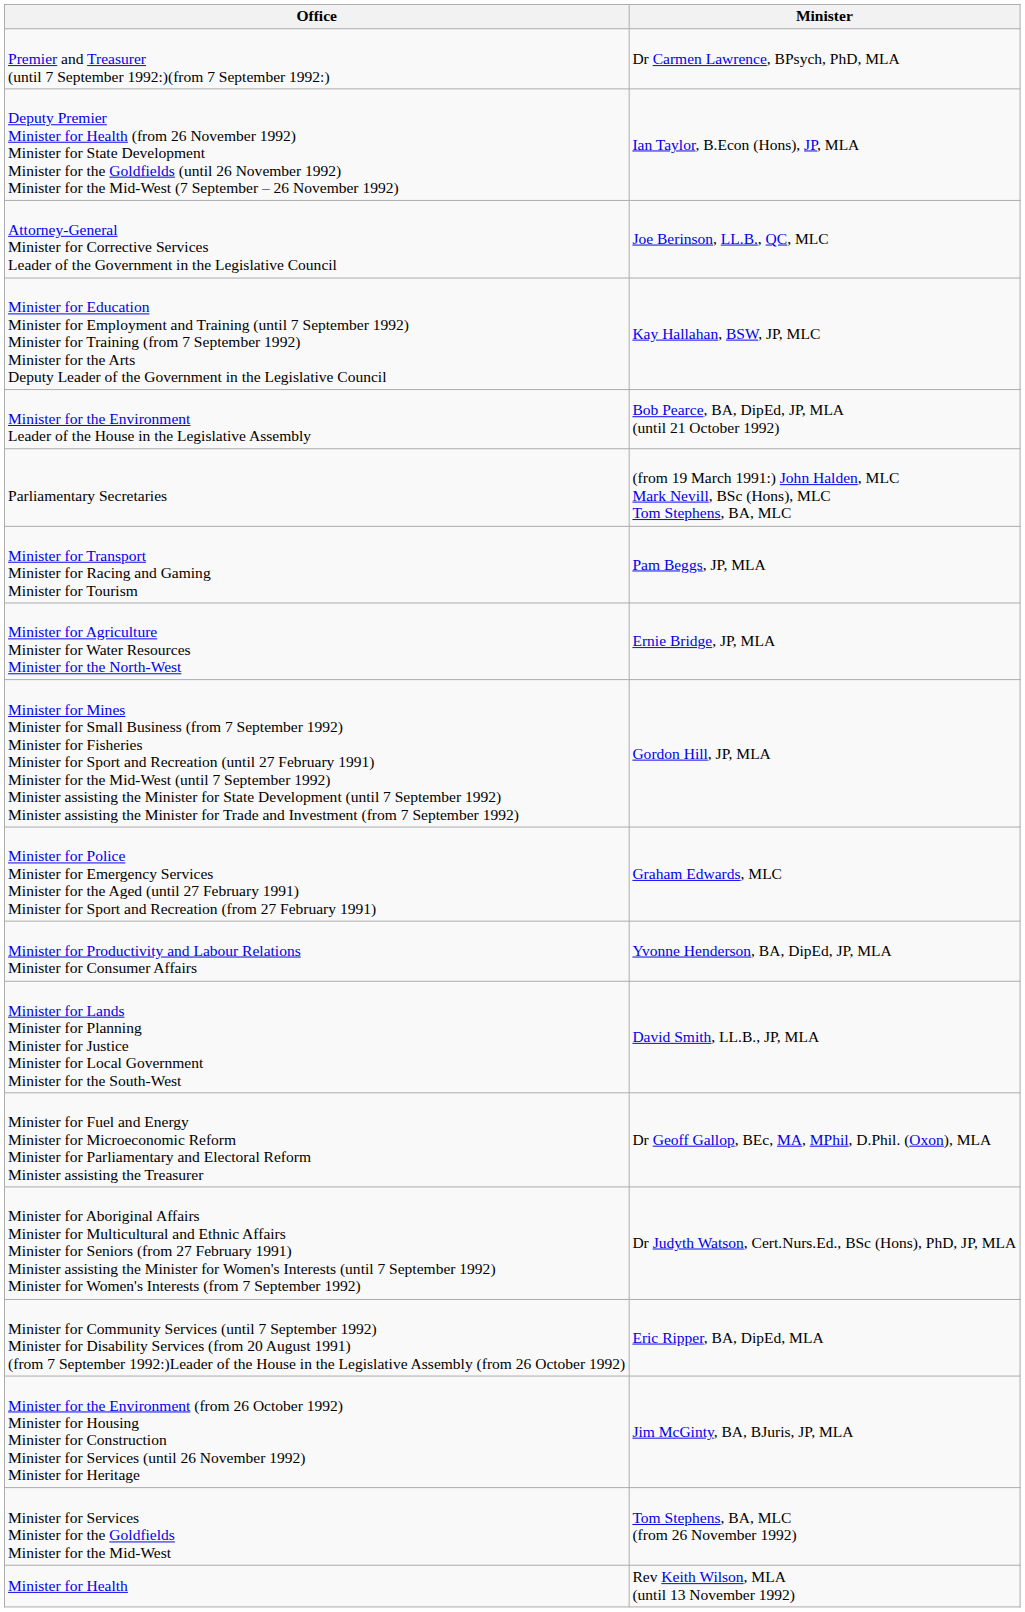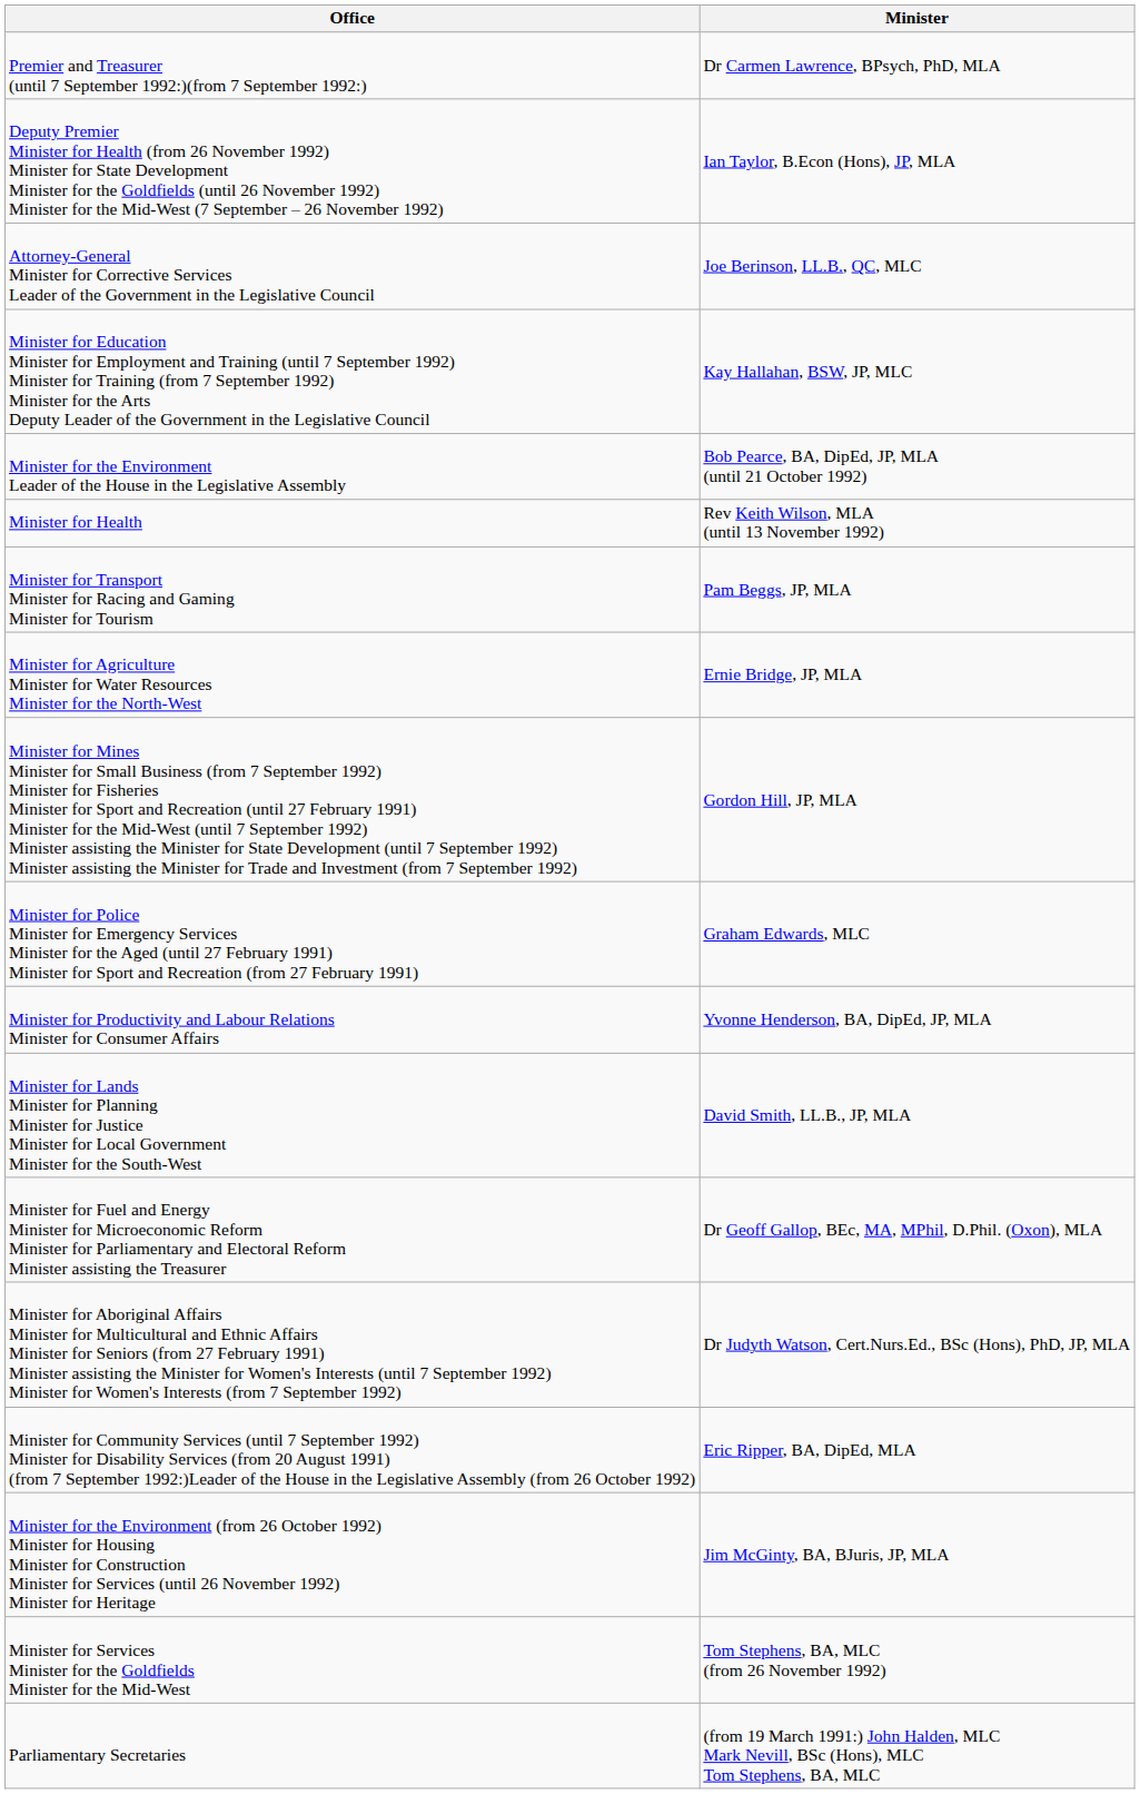 <table class="wikitable">
 <tr>
 <th>Office</th>
 <th>Minister</th>
 </tr>
 <tr>
 <td><br><a href='#'>Premier</a> and <a href='#'>Treasurer</a><br>(until 7 September 1992:)(from 7 September 1992:)</td>
 <td>Dr <a href='#'>Carmen Lawrence</a>, BPsych, PhD, MLA</td>
 </tr>
 <tr>
 <td><br><a href='#'>Deputy Premier</a><br> <a href='#'>Minister for Health</a> (from 26 November 1992)<br> Minister for State Development<br> Minister for the <a href='#'>Goldfields</a> (until 26 November 1992)<br> Minister for the Mid-West (7 September – 26 November 1992)</td>
 <td><a href='#'>Ian Taylor</a>, B.Econ (Hons), <a href='#'>JP</a>, MLA</td>
 </tr>
 <tr>
 <td><br><a href='#'>Attorney-General</a><br> Minister for Corrective Services<br> Leader of the Government in the Legislative Council</td>
 <td><a href='#'>Joe Berinson</a>, <a href='#'>LL.B.</a>, <a href='#'>QC</a>, MLC</td>
 </tr>
 <tr>
 <td><br><a href='#'>Minister for Education</a><br> Minister for Employment and Training (until 7 September 1992)<br> Minister for Training (from 7 September 1992)<br> Minister for the Arts<br> Deputy Leader of the Government in the Legislative Council</td>
 <td><a href='#'>Kay Hallahan</a>, <a href='#'>BSW</a>, JP, MLC</td>
 </tr>
 <tr>
 <td><br><a href='#'>Minister for the Environment</a><br> Leader of the House in the Legislative Assembly</td>
 <td><a href='#'>Bob Pearce</a>, BA, DipEd, JP, MLA<br>(until 21 October 1992)</td>
 </tr>
 <tr>
-<td><br>Parliamentary Secretaries</td>
-<td><br>(from 19 March 1991:) <a href='#'>John Halden</a>, MLC<br> <a href='#'>Mark Nevill</a>, BSc (Hons), MLC<br> <a href='#'>Tom Stephens</a>, BA, MLC<br></td>
+<td><a href='#'>Minister for Health</a></td>
+<td>Rev <a href='#'>Keith Wilson</a>, MLA<br>(until 13 November 1992)</td>
 </tr>
 <tr>
 <td><br><a href='#'>Minister for Transport</a><br> Minister for Racing and Gaming<br> Minister for Tourism</td>
 <td><a href='#'>Pam Beggs</a>, JP, MLA</td>
 </tr>
 <tr>
 <td><br><a href='#'>Minister for Agriculture</a><br> Minister for Water Resources<br> <a href='#'>Minister for the North-West</a><br></td>
 <td><a href='#'>Ernie Bridge</a>, JP, MLA</td>
 </tr>
 <tr>
 <td><br><a href='#'>Minister for Mines</a><br> Minister for Small Business (from 7 September 1992)<br> Minister for Fisheries<br> Minister for Sport and Recreation (until 27 February 1991)<br> Minister for the Mid-West (until 7 September 1992)<br> Minister assisting the Minister for State Development (until 7 September 1992)<br> Minister assisting the Minister for Trade and Investment (from 7 September 1992)</td>
 <td><a href='#'>Gordon Hill</a>, JP, MLA</td>
 </tr>
 <tr>
 <td><br><a href='#'>Minister for Police</a><br> Minister for Emergency Services<br> Minister for the Aged (until 27 February 1991)<br> Minister for Sport and Recreation (from 27 February 1991)<br></td>
 <td><a href='#'>Graham Edwards</a>, MLC</td>
 </tr>
 <tr>
 <td><br><a href='#'>Minister for Productivity and Labour Relations</a><br> Minister for Consumer Affairs</td>
 <td><a href='#'>Yvonne Henderson</a>, BA, DipEd, JP, MLA</td>
 </tr>
 <tr>
 <td><br><a href='#'>Minister for Lands</a><br> Minister for Planning<br> Minister for Justice<br> Minister for Local Government<br> Minister for the South-West</td>
 <td><a href='#'>David Smith</a>, LL.B., JP, MLA</td>
 </tr>
 <tr>
 <td><br>Minister for Fuel and Energy<br> Minister for Microeconomic Reform<br> Minister for Parliamentary and Electoral Reform<br> Minister assisting the Treasurer</td>
 <td>Dr <a href='#'>Geoff Gallop</a>, BEc, <a href='#'>MA</a>, <a href='#'>MPhil</a>, D.Phil. (<a href='#'>Oxon</a>), MLA</td>
 </tr>
 <tr>
 <td><br>Minister for Aboriginal Affairs<br> Minister for Multicultural and Ethnic Affairs<br> Minister for Seniors (from 27 February 1991)<br> Minister assisting the Minister for Women's Interests (until 7 September 1992)<br> Minister for Women's Interests (from 7 September 1992)</td>
 <td>Dr <a href='#'>Judyth Watson</a>, Cert.Nurs.Ed., BSc (Hons), PhD, JP, MLA</td>
 </tr>
 <tr>
 <td><br>Minister for Community Services (until 7 September 1992)<br> Minister for Disability Services (from 20 August 1991)<br>(from 7 September 1992:)Leader of the House in the Legislative Assembly (from 26 October 1992)</td>
 <td><a href='#'>Eric Ripper</a>, BA, DipEd, MLA</td>
 </tr>
 <tr>
 <td><br><a href='#'>Minister for the Environment</a> (from 26 October 1992)<br> Minister for Housing<br> Minister for Construction<br> Minister for Services (until 26 November 1992)<br> Minister for Heritage<br></td>
 <td><a href='#'>Jim McGinty</a>, BA, BJuris, JP, MLA</td>
 </tr>
 <tr>
 <td><br>Minister for Services<br> Minister for the <a href='#'>Goldfields</a><br> Minister for the Mid-West</td>
 <td><a href='#'>Tom Stephens</a>, BA, MLC<br>(from 26 November 1992)</td>
 </tr>
 <tr>
-<td><a href='#'>Minister for Health</a></td>
-<td>Rev <a href='#'>Keith Wilson</a>, MLA<br>(until 13 November 1992)</td>
+<td><br>Parliamentary Secretaries</td>
+<td><br>(from 19 March 1991:) <a href='#'>John Halden</a>, MLC<br> <a href='#'>Mark Nevill</a>, BSc (Hons), MLC<br> <a href='#'>Tom Stephens</a>, BA, MLC<br></td>
 </tr>
 </table>
